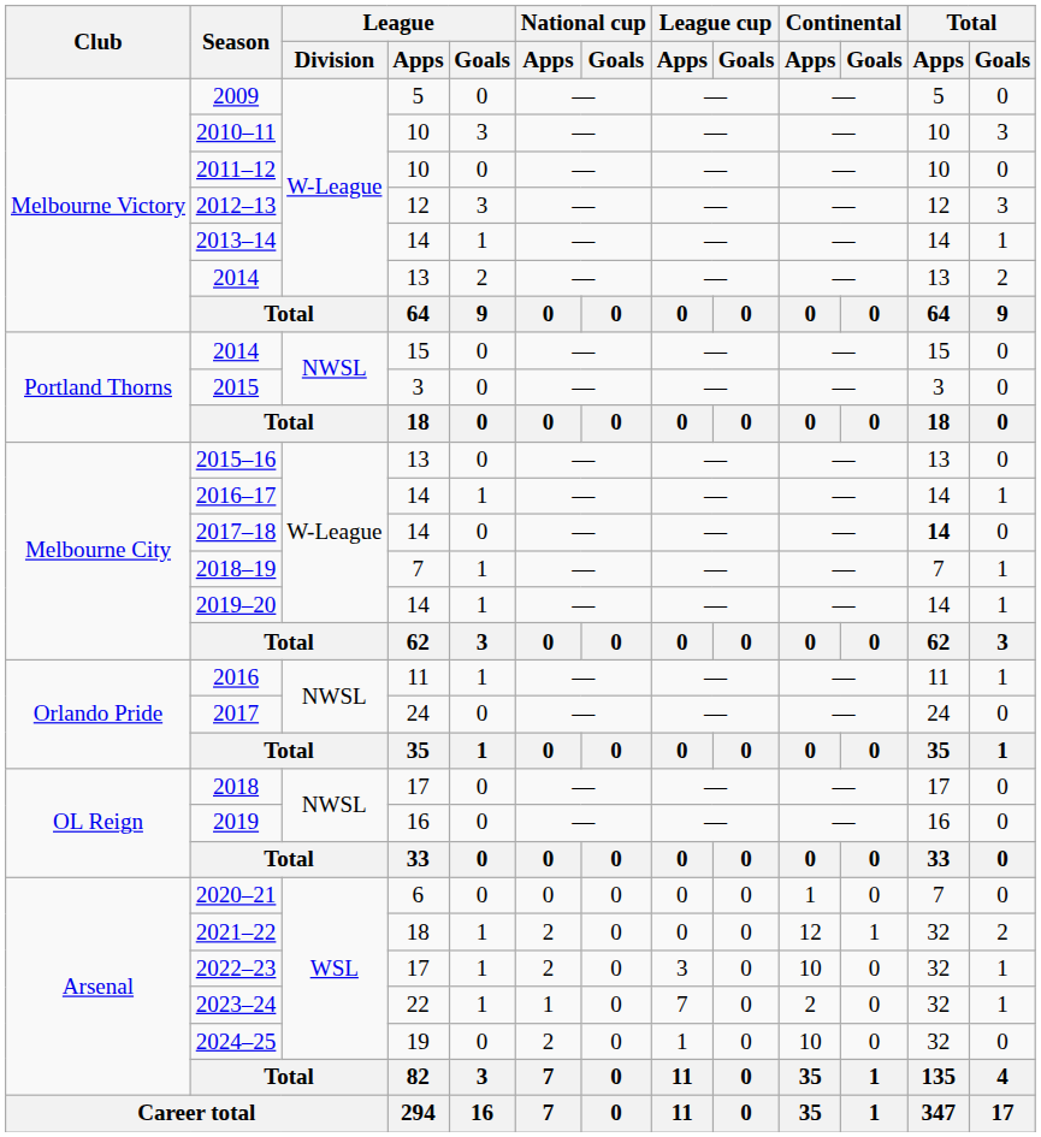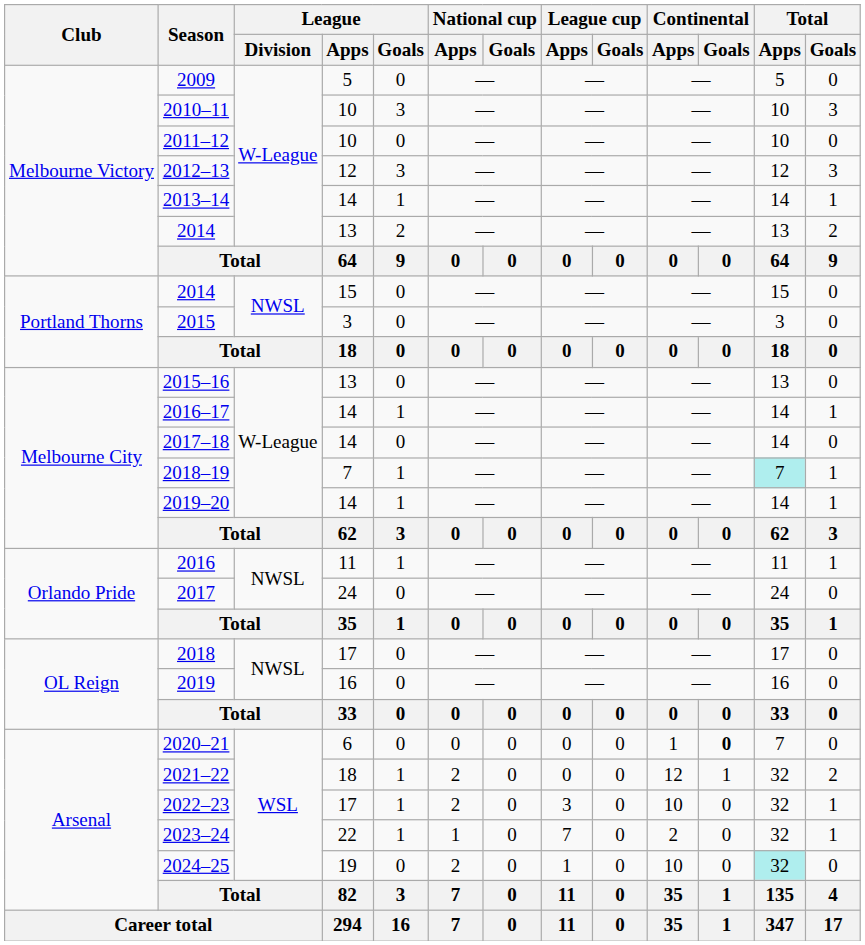 <table class="wikitable" style="text-align:center">
 <tr>
 <th rowspan="2">Club</th>
 <th rowspan="2">Season</th>
 <th colspan="3">League</th>
 <th colspan="2">National cup</th>
 <th colspan="2">League cup</th>
 <th colspan="2">Continental</th>
 <th colspan="2">Total</th>
 </tr>
 <tr>
 <th>Division</th>
 <th>Apps</th>
 <th>Goals</th>
 <th>Apps</th>
 <th>Goals</th>
 <th>Apps</th>
 <th>Goals</th>
 <th>Apps</th>
 <th>Goals</th>
 <th>Apps</th>
 <th>Goals</th>
 </tr>
 <tr>
 <td rowspan="7"><a href='#'>Melbourne Victory</a></td>
 <td><a href='#'>2009</a></td>
 <td rowspan="6"><a href='#'>W-League</a></td>
 <td>5</td>
 <td>0</td>
 <td colspan="2">—</td>
 <td colspan="2">—</td>
 <td colspan="2">—</td>
 <td>5</td>
 <td>0</td>
 </tr>
 <tr>
 <td><a href='#'>2010–11</a></td>
 <td>10</td>
 <td>3</td>
 <td colspan="2">—</td>
 <td colspan="2">—</td>
 <td colspan="2">—</td>
 <td>10</td>
 <td>3</td>
 </tr>
 <tr>
 <td><a href='#'>2011–12</a></td>
 <td>10</td>
 <td>0</td>
 <td colspan="2">—</td>
 <td colspan="2">—</td>
 <td colspan="2">—</td>
 <td>10</td>
 <td>0</td>
 </tr>
 <tr>
 <td><a href='#'>2012–13</a></td>
 <td>12</td>
 <td>3</td>
 <td colspan="2">—</td>
 <td colspan="2">—</td>
 <td colspan="2">—</td>
 <td>12</td>
 <td>3</td>
 </tr>
 <tr>
 <td><a href='#'>2013–14</a></td>
 <td>14</td>
 <td>1</td>
 <td colspan="2">—</td>
 <td colspan="2">—</td>
 <td colspan="2">—</td>
 <td>14</td>
 <td>1</td>
 </tr>
 <tr>
 <td><a href='#'>2014</a></td>
 <td>13</td>
 <td>2</td>
 <td colspan="2">—</td>
 <td colspan="2">—</td>
 <td colspan="2">—</td>
 <td>13</td>
 <td>2</td>
 </tr>
 <tr>
 <th colspan="2">Total</th>
 <th>64</th>
 <th>9</th>
 <th>0</th>
 <th>0</th>
 <th>0</th>
 <th>0</th>
 <th>0</th>
 <th>0</th>
 <th>64</th>
 <th>9</th>
 </tr>
 <tr>
 <td rowspan="3"><a href='#'>Portland Thorns</a></td>
 <td><a href='#'>2014</a></td>
 <td rowspan="2"><a href='#'>NWSL</a></td>
 <td>15</td>
 <td>0</td>
 <td colspan="2">—</td>
 <td colspan="2">—</td>
 <td colspan="2">—</td>
 <td>15</td>
 <td>0</td>
 </tr>
 <tr>
 <td><a href='#'>2015</a></td>
 <td>3</td>
 <td>0</td>
 <td colspan="2">—</td>
 <td colspan="2">—</td>
 <td colspan="2">—</td>
 <td>3</td>
 <td>0</td>
 </tr>
 <tr>
 <th colspan="2">Total</th>
 <th>18</th>
 <th>0</th>
 <th>0</th>
 <th>0</th>
 <th>0</th>
 <th>0</th>
 <th>0</th>
 <th>0</th>
 <th>18</th>
 <th>0</th>
 </tr>
 <tr>
 <td rowspan= "6"><a href='#'>Melbourne City</a></td>
 <td><a href='#'>2015–16</a></td>
 <td rowspan= "5">W-League</td>
 <td>13</td>
 <td>0</td>
 <td colspan="2">—</td>
 <td colspan="2">—</td>
 <td colspan="2">—</td>
 <td>13</td>
 <td>0</td>
 </tr>
 <tr>
 <td><a href='#'>2016–17</a></td>
 <td>14</td>
 <td>1</td>
 <td colspan="2">—</td>
 <td colspan="2">—</td>
 <td colspan="2">—</td>
 <td>14</td>
 <td>1</td>
 </tr>
 <tr>
 <td><a href='#'>2017–18</a></td>
 <td>14</td>
 <td>0</td>
 <td colspan="2">—</td>
 <td colspan="2">—</td>
 <td colspan="2">—</td>
-<td><strong>14</strong></td>
+<td>14</td>
 <td>0</td>
 </tr>
 <tr>
 <td><a href='#'>2018–19</a></td>
 <td>7</td>
 <td>1</td>
 <td colspan="2">—</td>
 <td colspan="2">—</td>
 <td colspan="2">—</td>
-<td>7</td>
+<td style="background: paleturquoise;">7</td>
 <td>1</td>
 </tr>
 <tr>
 <td><a href='#'>2019–20</a></td>
 <td>14</td>
 <td>1</td>
 <td colspan="2">—</td>
 <td colspan="2">—</td>
 <td colspan="2">—</td>
 <td>14</td>
 <td>1</td>
 </tr>
 <tr>
 <th colspan="2">Total</th>
 <th>62</th>
 <th>3</th>
 <th>0</th>
 <th>0</th>
 <th>0</th>
 <th>0</th>
 <th>0</th>
 <th>0</th>
 <th>62</th>
 <th>3</th>
 </tr>
 <tr>
 <td rowspan="3"><a href='#'>Orlando Pride</a></td>
 <td><a href='#'>2016</a></td>
 <td rowspan="2">NWSL</td>
 <td>11</td>
 <td>1</td>
 <td colspan="2">—</td>
 <td colspan="2">—</td>
 <td colspan="2">—</td>
 <td>11</td>
 <td>1</td>
 </tr>
 <tr>
 <td><a href='#'>2017</a></td>
 <td>24</td>
 <td>0</td>
 <td colspan="2">—</td>
 <td colspan="2">—</td>
 <td colspan="2">—</td>
 <td>24</td>
 <td>0</td>
 </tr>
 <tr>
 <th colspan="2">Total</th>
 <th>35</th>
 <th>1</th>
 <th>0</th>
 <th>0</th>
 <th>0</th>
 <th>0</th>
 <th>0</th>
 <th>0</th>
 <th>35</th>
 <th>1</th>
 </tr>
 <tr>
 <td rowspan="3"><a href='#'>OL Reign</a></td>
 <td><a href='#'>2018</a></td>
 <td rowspan="2">NWSL</td>
 <td>17</td>
 <td>0</td>
 <td colspan="2">—</td>
 <td colspan="2">—</td>
 <td colspan="2">—</td>
 <td>17</td>
 <td>0</td>
 </tr>
 <tr>
 <td><a href='#'>2019</a></td>
 <td>16</td>
 <td>0</td>
 <td colspan="2">—</td>
 <td colspan="2">—</td>
 <td colspan="2">—</td>
 <td>16</td>
 <td>0</td>
 </tr>
 <tr>
 <th colspan="2">Total</th>
 <th>33</th>
 <th>0</th>
 <th>0</th>
 <th>0</th>
 <th>0</th>
 <th>0</th>
 <th>0</th>
 <th>0</th>
 <th>33</th>
 <th>0</th>
 </tr>
 <tr>
 <td rowspan="6"><a href='#'>Arsenal</a></td>
 <td><a href='#'>2020–21</a></td>
 <td rowspan="5"><a href='#'>WSL</a></td>
 <td>6</td>
 <td>0</td>
 <td>0</td>
 <td>0</td>
 <td>0</td>
 <td>0</td>
 <td>1</td>
-<td>0</td>
+<td><strong>0</strong></td>
 <td>7</td>
 <td>0</td>
 </tr>
 <tr>
 <td><a href='#'>2021–22</a></td>
 <td>18</td>
 <td>1</td>
 <td>2</td>
 <td>0</td>
 <td>0</td>
 <td>0</td>
 <td>12</td>
 <td>1</td>
 <td>32</td>
 <td>2</td>
 </tr>
 <tr>
 <td><a href='#'>2022–23</a></td>
 <td>17</td>
 <td>1</td>
 <td>2</td>
 <td>0</td>
 <td>3</td>
 <td>0</td>
 <td>10</td>
 <td>0</td>
 <td>32</td>
 <td>1</td>
 </tr>
 <tr>
 <td><a href='#'>2023–24</a></td>
 <td>22</td>
 <td>1</td>
 <td>1</td>
 <td>0</td>
 <td>7</td>
 <td>0</td>
 <td>2</td>
 <td>0</td>
 <td>32</td>
 <td>1</td>
 </tr>
 <tr>
 <td><a href='#'>2024–25</a></td>
 <td>19</td>
 <td>0</td>
 <td>2</td>
 <td>0</td>
 <td>1</td>
 <td>0</td>
 <td>10</td>
 <td>0</td>
-<td>32</td>
+<td style="background: paleturquoise;">32</td>
 <td>0</td>
 </tr>
 <tr>
 <th colspan="2">Total</th>
 <th>82</th>
 <th>3</th>
 <th>7</th>
 <th>0</th>
 <th>11</th>
 <th>0</th>
 <th>35</th>
 <th>1</th>
 <th>135</th>
 <th>4</th>
 </tr>
 <tr>
 <th colspan="3">Career total</th>
 <th>294</th>
 <th>16</th>
 <th>7</th>
 <th>0</th>
 <th>11</th>
 <th>0</th>
 <th>35</th>
 <th>1</th>
 <th>347</th>
 <th>17</th>
 </tr>
 </table>
